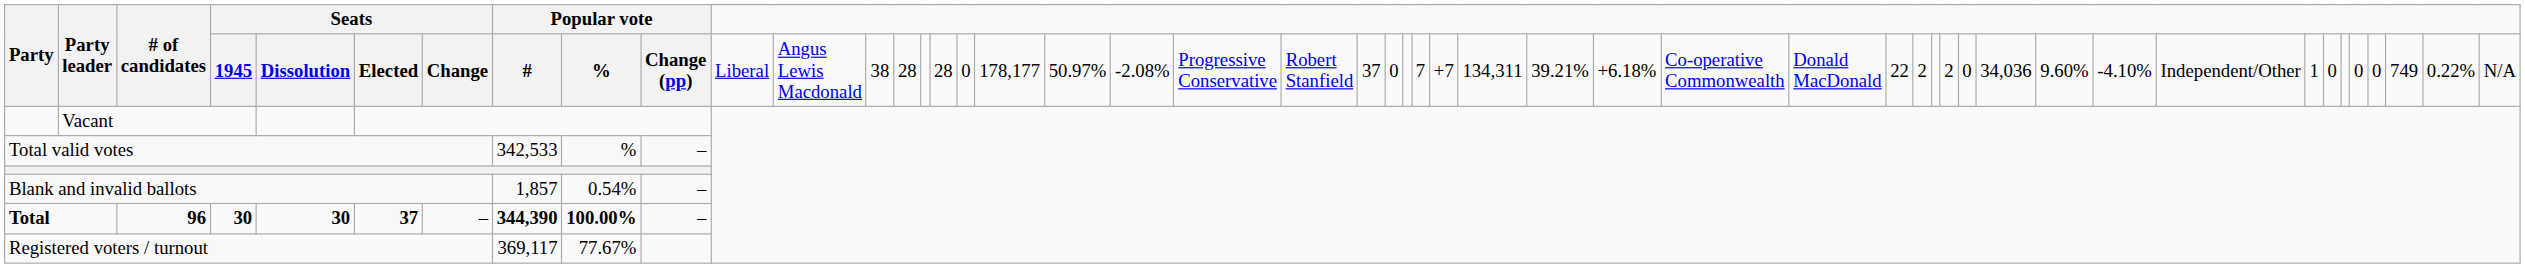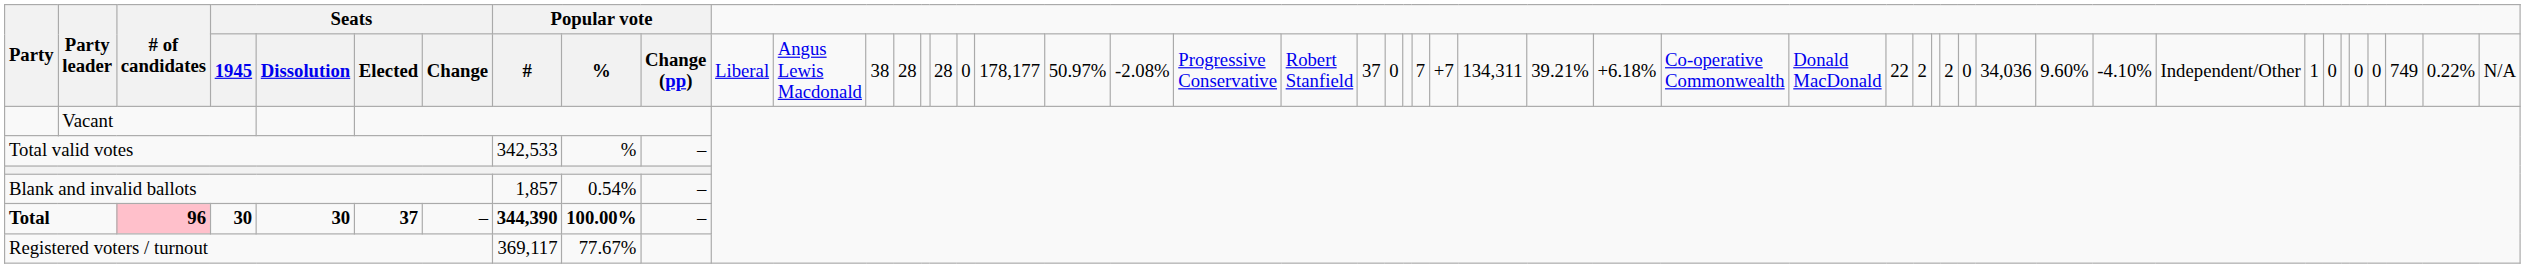 <table class="wikitable">
 <tr>
 <th rowspan="2" colspan="2">Party</th>
 <th rowspan="2">Party leader</th>
 <th rowspan="2"># of<br>candidates</th>
 <th colspan="4">Seats</th>
 <th colspan="3">Popular vote</th>
 </tr>
 <tr>
 <th><a href='#'>1945</a></th>
 <th><span><a href='#'>Dissolution</a></span></th>
 <th>Elected</th>
 <th>Change</th>
 <th>#</th>
 <th>%</th>
 <th>Change (<a href='#'>pp</a>)<br></th>
 <td><a href='#'>Liberal</a></td>
 <td><a href='#'>Angus Lewis Macdonald</a></td>
 <td align="right">38</td>
 <td align="right">28</td>
 <td align="right"></td>
 <td align="right">28</td>
 <td align="right">0</td>
 <td align="right">178,177</td>
 <td align="right">50.97%</td>
 <td align="right">-2.08%<br></td>
 <td><a href='#'>Progressive Conservative</a></td>
 <td><a href='#'>Robert Stanfield</a></td>
 <td align="right">37</td>
 <td align="right">0</td>
 <td align="right"></td>
 <td align="right">7</td>
 <td align="right">+7</td>
 <td align="right">134,311</td>
 <td align="right">39.21%</td>
 <td align="right">+6.18%<br></td>
 <td><a href='#'>Co-operative Commonwealth</a></td>
 <td><a href='#'>Donald MacDonald</a></td>
 <td align="right">22</td>
 <td align="right">2</td>
 <td align="right"></td>
 <td align="right">2</td>
 <td align="right">0</td>
 <td align="right">34,036</td>
 <td align="right">9.60%</td>
 <td align="right">-4.10%<br></td>
 <td colspan=2>Independent/Other</td>
 <td align="right">1</td>
 <td align="right">0</td>
 <td align="right"></td>
 <td align="right">0</td>
 <td align="right">0</td>
 <td align="right">749</td>
 <td align="right">0.22%</td>
 <td align="right">N/A</td>
 </tr>
 <tr>
 <td> </td>
 <td colspan=4>Vacant</td>
 <td align="right"></td>
 <td colspan=5> </td>
 </tr>
 <tr>
 <td colspan="8">Total valid votes</td>
 <td align="right">342,533</td>
 <td align="right">%</td>
 <td align="right">–</td>
 </tr>
 <tr>
 <th colspan="11"></th>
 </tr>
 <tr>
 <td colspan="8">Blank and invalid ballots</td>
 <td align="right">1,857</td>
 <td align="right">0.54%</td>
 <td align="right">–</td>
 </tr>
 <tr>
 <td colspan=3><strong>Total</strong></td>
-<td align="right"><strong>96</strong></td>
+<td align="right" style="background: pink;"><strong>96</strong></td>
 <td align="right"><strong>30</strong></td>
 <td align="right"><strong>30</strong></td>
 <td align="right"><strong>37</strong></td>
 <td align="right">–</td>
 <td align="right"><strong>344,390</strong></td>
 <td align="right"><strong>100.00%</strong></td>
 <td align="right">–</td>
 </tr>
 <tr>
 <td colspan="8">Registered voters / turnout</td>
 <td align="right">369,117</td>
 <td align="right">77.67%</td>
 <td align="right"></td>
 </tr>
 </table>
